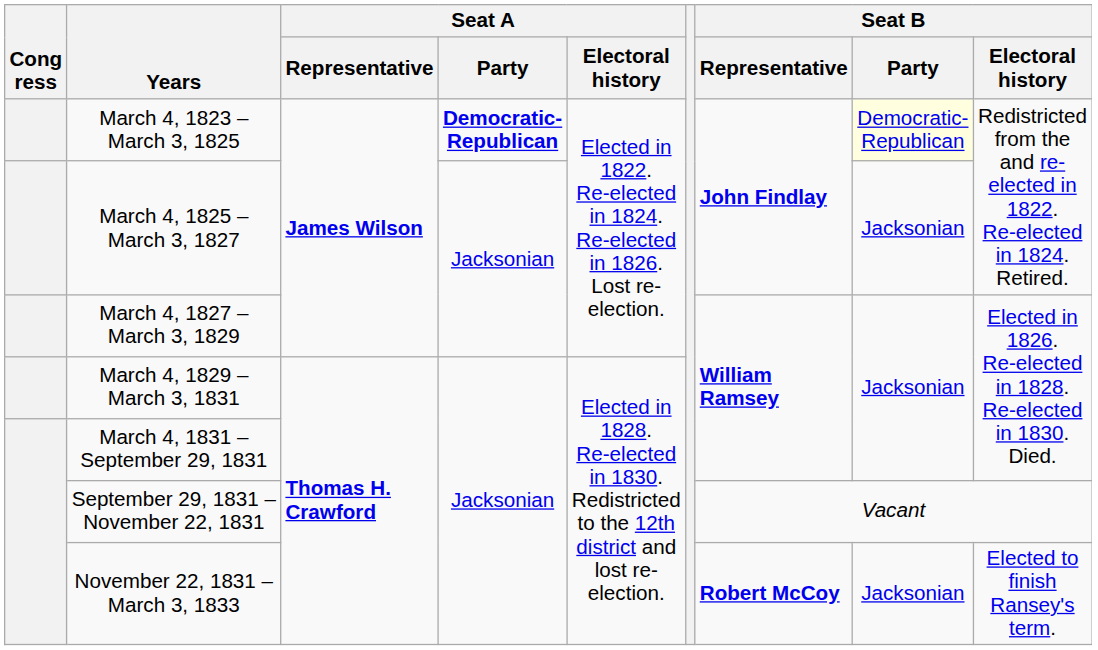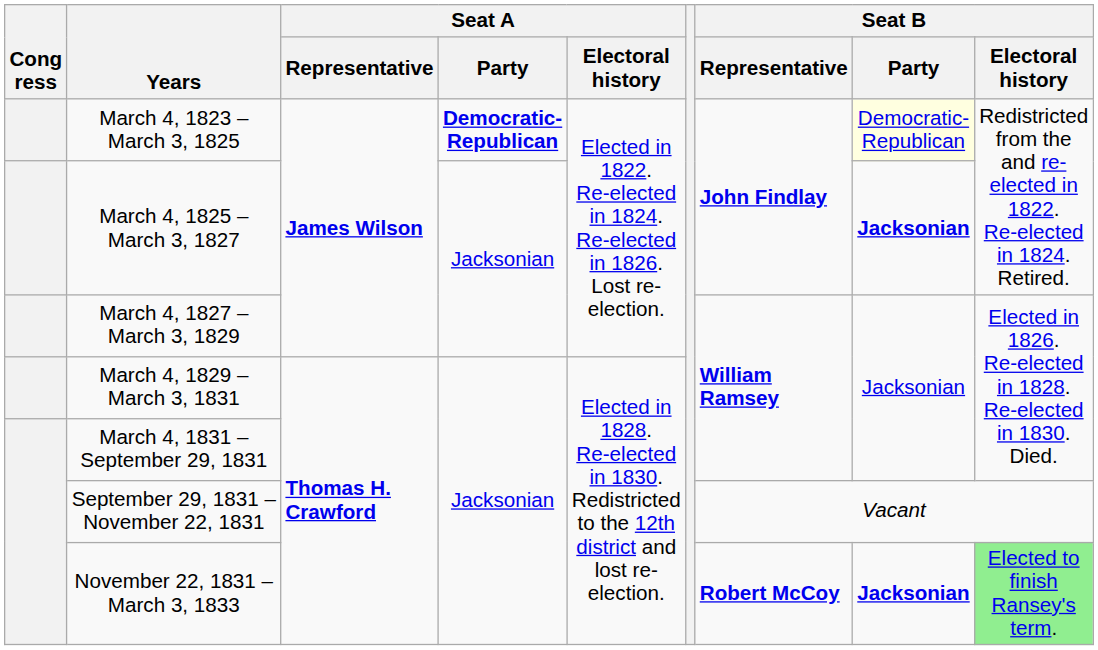 <table class=wikitable style="text-align:center">
 <tr valign=bottom>
 <th rowspan=2>Cong<br>ress</th>
 <th rowspan=2>Years</th>
 <th colspan=3>Seat A</th>
 <th rowspan=99></th>
 <th colspan=3>Seat B</th>
 </tr>
 <tr style="height:3em">
 <th>Representative</th>
 <th>Party</th>
 <th>Electoral history</th>
 <th>Representative</th>
 <th>Party</th>
 <th>Electoral history</th>
 </tr>
 <tr style="height:3em">
 <th></th>
 <td nowrap>March 4, 1823 –<br>March 3, 1825</td>
 <td rowspan="3" style="text-align:left;"><strong><a href='#'>James Wilson</a></strong><br></td>
 <td><strong><a href='#'>Democratic-Republican</a></strong></td>
 <td rowspan=3><a href='#'>Elected in 1822</a>.<br><a href='#'>Re-elected in 1824</a>.<br><a href='#'>Re-elected in 1826</a>.<br>Lost re-election.</td>
 <td rowspan="2" style="text-align:left;"><strong><a href='#'>John Findlay</a></strong><br></td>
 <td style="background: lightyellow;"><a href='#'>Democratic-Republican</a></td>
 <td rowspan=2>Redistricted from the  and <a href='#'>re-elected in 1822</a>.<br><a href='#'>Re-elected in 1824</a>.<br>Retired.</td>
 </tr>
 <tr style="height:3em">
 <th></th>
 <td nowrap>March 4, 1825 –<br>March 3, 1827</td>
 <td rowspan=2 ><a href='#'>Jacksonian</a></td>
-<td><a href='#'>Jacksonian</a></td>
+<td><strong><a href='#'>Jacksonian</a></strong></td>
 </tr>
 <tr style="height:3em">
 <th></th>
 <td nowrap>March 4, 1827 –<br>March 3, 1829</td>
 <td rowspan="3" style="text-align:left;"><strong><a href='#'>William Ramsey</a></strong><br></td>
 <td rowspan=3 ><a href='#'>Jacksonian</a></td>
 <td rowspan=3><a href='#'>Elected in 1826</a>.<br><a href='#'>Re-elected in 1828</a>.<br><a href='#'>Re-elected in 1830</a>.<br>Died.</td>
 </tr>
 <tr style="height:3em">
 <th></th>
 <td nowrap>March 4, 1829 –<br>March 3, 1831</td>
 <td rowspan="4" style="text-align:left;"><strong><a href='#'>Thomas H. Crawford</a></strong><br></td>
 <td rowspan=4 ><a href='#'>Jacksonian</a></td>
 <td rowspan=4><a href='#'>Elected in 1828</a>.<br><a href='#'>Re-elected in 1830</a>.<br>Redistricted to the <a href='#'>12th district</a> and lost re-election.</td>
 </tr>
 <tr style="height:3em">
 <th rowspan=3></th>
 <td nowrap>March 4, 1831 –<br>September 29, 1831</td>
 </tr>
 <tr style="height:3em">
 <td nowrap>September 29, 1831 –<br>November 22, 1831</td>
 <td colspan=3><em>Vacant</em></td>
 </tr>
 <tr style="height:3em">
 <td nowrap>November 22, 1831 –<br>March 3, 1833</td>
 <td align=left><strong><a href='#'>Robert McCoy</a></strong><br></td>
-<td><a href='#'>Jacksonian</a></td>
-<td><a href='#'>Elected to finish Ransey's term</a>.<br></td>
+<td><strong><a href='#'>Jacksonian</a></strong></td>
+<td style="background: lightgreen;"><a href='#'>Elected to finish Ransey's term</a>.<br></td>
 </tr>
 </table>
